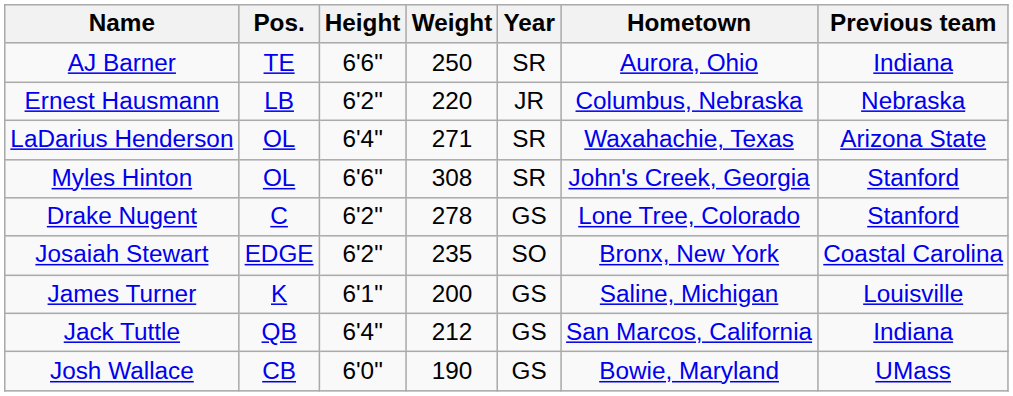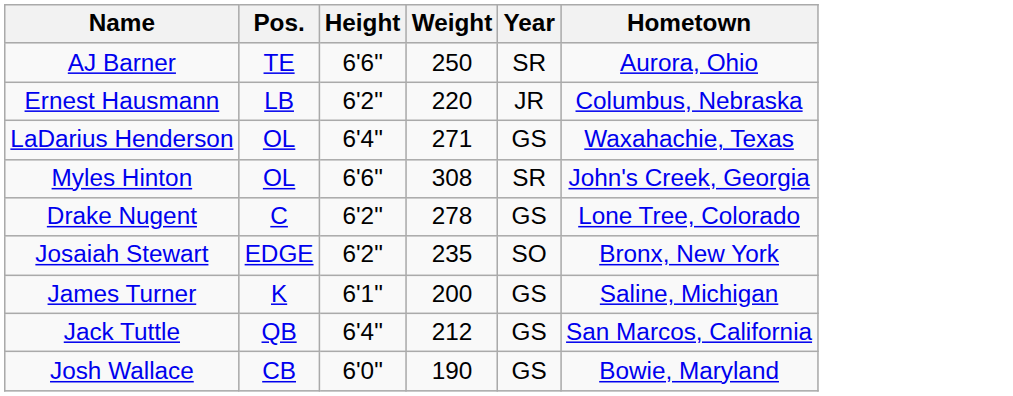 <table class="wikitable sortable sortable" style="text-align: center">
 <tr align=center>
 <th>Name</th>
 <th>Pos.</th>
 <th>Height</th>
 <th>Weight</th>
 <th>Year</th>
 <th>Hometown</th>
-<th>Previous team</th>
 </tr>
 <tr>
 <td><a href='#'>AJ Barner</a></td>
 <td><a href='#'>TE</a></td>
 <td>6'6"</td>
 <td>250</td>
 <td>SR</td>
 <td><a href='#'>Aurora, Ohio</a></td>
-<td><a href='#'>Indiana</a></td>
 </tr>
 <tr>
 <td><a href='#'>Ernest Hausmann</a></td>
 <td><a href='#'>LB</a></td>
 <td>6'2"</td>
 <td>220</td>
 <td>JR</td>
 <td><a href='#'>Columbus, Nebraska</a></td>
-<td><a href='#'>Nebraska</a></td>
 </tr>
 <tr>
 <td><a href='#'>LaDarius Henderson</a></td>
 <td><a href='#'>OL</a></td>
 <td>6'4"</td>
 <td>271</td>
-<td>SR</td>
+<td>GS</td>
 <td><a href='#'>Waxahachie, Texas</a></td>
-<td><a href='#'>Arizona State</a></td>
 </tr>
 <tr>
 <td><a href='#'>Myles Hinton</a></td>
 <td><a href='#'>OL</a></td>
 <td>6'6"</td>
 <td>308</td>
 <td>SR</td>
 <td><a href='#'>John's Creek, Georgia</a></td>
-<td><a href='#'>Stanford</a></td>
 </tr>
 <tr>
 <td><a href='#'>Drake Nugent</a></td>
 <td><a href='#'>C</a></td>
 <td>6'2"</td>
 <td>278</td>
 <td>GS</td>
 <td><a href='#'>Lone Tree, Colorado</a></td>
-<td><a href='#'>Stanford</a></td>
 </tr>
 <tr>
 <td><a href='#'>Josaiah Stewart</a></td>
 <td><a href='#'>EDGE</a></td>
 <td>6'2"</td>
 <td>235</td>
 <td>SO</td>
 <td><a href='#'>Bronx, New York</a></td>
-<td><a href='#'>Coastal Carolina</a></td>
 </tr>
 <tr>
 <td><a href='#'>James Turner</a></td>
 <td><a href='#'>K</a></td>
 <td>6'1"</td>
 <td>200</td>
 <td>GS</td>
 <td><a href='#'>Saline, Michigan</a></td>
-<td><a href='#'>Louisville</a></td>
 </tr>
 <tr>
 <td><a href='#'>Jack Tuttle</a></td>
 <td><a href='#'>QB</a></td>
 <td>6'4"</td>
 <td>212</td>
 <td>GS</td>
 <td><a href='#'>San Marcos, California</a></td>
-<td><a href='#'>Indiana</a></td>
 </tr>
 <tr>
 <td><a href='#'>Josh Wallace</a></td>
 <td><a href='#'>CB</a></td>
 <td>6'0"</td>
 <td>190</td>
 <td>GS</td>
 <td><a href='#'>Bowie, Maryland</a></td>
-<td><a href='#'>UMass</a></td>
 </tr>
 </table>
